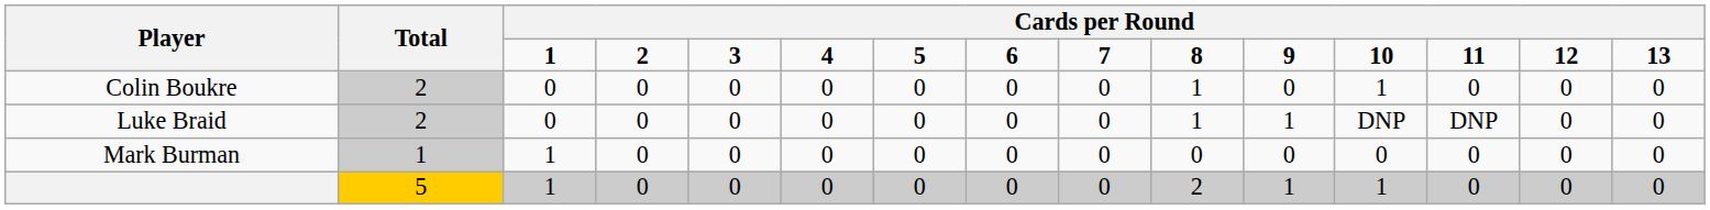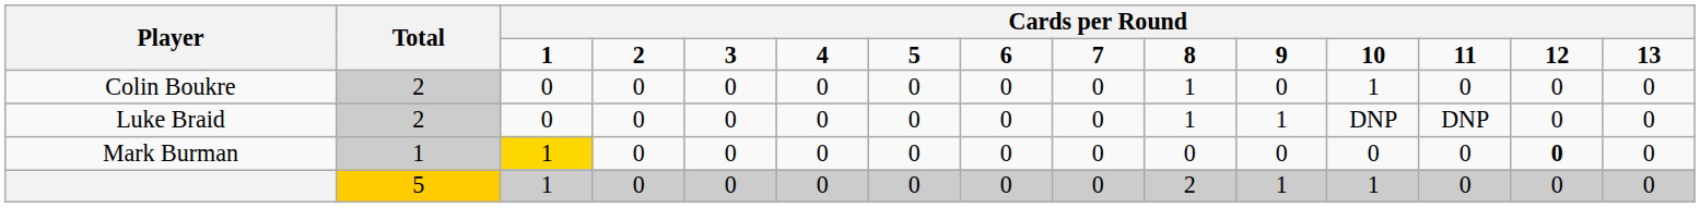 <table class="wikitable" style="text-align:center; line-height: 90%; font-size:90%;" width=80%>
 <tr>
 <th rowspan=2 width=18%>Player</th>
 <th rowspan=2 width=9%>Total</th>
 <th colspan=13>Cards per Round</th>
 </tr>
 <tr>
 <td width=5%><strong>1</strong></td>
 <td width=5%><strong>2</strong></td>
 <td width=5%><strong>3</strong></td>
 <td width=5%><strong>4</strong></td>
 <td width=5%><strong>5</strong></td>
 <td width=5%><strong>6</strong></td>
 <td width=5%><strong>7</strong></td>
 <td width=5%><strong>8</strong></td>
 <td width=5%><strong>9</strong></td>
 <td width=5%><strong>10</strong></td>
 <td width=5%><strong>11</strong></td>
 <td width=5%><strong>12</strong></td>
 <td width=5%><strong>13</strong></td>
 </tr>
 <tr>
 <td>Colin Boukre</td>
 <td bgcolor=#cccccc>2</td>
 <td>0</td>
 <td>0</td>
 <td>0</td>
 <td>0</td>
 <td>0</td>
 <td>0</td>
 <td>0</td>
 <td>1</td>
 <td>0</td>
 <td>1</td>
 <td>0</td>
 <td>0</td>
 <td>0</td>
 </tr>
 <tr>
 <td>Luke Braid</td>
 <td bgcolor=#cccccc>2</td>
 <td>0</td>
 <td>0</td>
 <td>0</td>
 <td>0</td>
 <td>0</td>
 <td>0</td>
 <td>0</td>
 <td>1</td>
 <td>1</td>
 <td>DNP</td>
 <td>DNP</td>
 <td>0</td>
 <td>0</td>
 </tr>
 <tr>
 <td>Mark Burman</td>
 <td bgcolor=#cccccc>1</td>
-<td>1</td>
+<td style="background: gold;">1</td>
 <td>0</td>
 <td>0</td>
 <td>0</td>
 <td>0</td>
 <td>0</td>
 <td>0</td>
 <td>0</td>
 <td>0</td>
 <td>0</td>
 <td>0</td>
-<td>0</td>
+<td><strong>0</strong></td>
 <td>0</td>
 </tr>
 <tr>
 <th></th>
 <td bgcolor=#ffcc00>5</td>
 <td bgcolor=#cccccc>1</td>
 <td bgcolor=#cccccc>0</td>
 <td bgcolor=#cccccc>0</td>
 <td bgcolor=#cccccc>0</td>
 <td bgcolor=#cccccc>0</td>
 <td bgcolor=#cccccc>0</td>
 <td bgcolor=#cccccc>0</td>
 <td bgcolor=#cccccc>2</td>
 <td bgcolor=#cccccc>1</td>
 <td bgcolor=#cccccc>1</td>
 <td bgcolor=#cccccc>0</td>
 <td bgcolor=#cccccc>0</td>
 <td bgcolor=#cccccc>0</td>
 </tr>
 </table>
